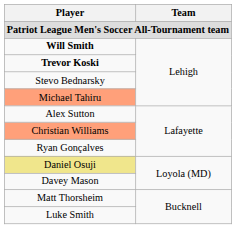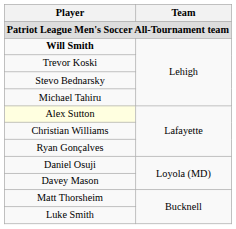 <table class="wikitable" style="white-space:nowrap; font-size:90%; text-align: center;">
 <tr>
 <th>Player</th>
 <th>Team</th>
 </tr>
 <tr>
 <td colspan="2" style="text-align:center; background:#ddd;"><strong>Patriot League Men's Soccer All-Tournament team</strong></td>
 </tr>
 <tr>
 <td><strong>Will Smith</strong></td>
 <td rowspan="4">Lehigh</td>
 </tr>
 <tr>
-<td><strong>Trevor Koski</strong></td>
+<td>Trevor Koski</td>
 </tr>
 <tr>
 <td>Stevo Bednarsky</td>
 </tr>
 <tr>
-<td style="background: lightsalmon;">Michael Tahiru</td>
+<td>Michael Tahiru</td>
 </tr>
 <tr>
-<td>Alex Sutton</td>
+<td style="background: lightyellow;">Alex Sutton</td>
 <td rowspan="3">Lafayette</td>
 </tr>
 <tr>
-<td style="background: lightsalmon;">Christian Williams</td>
+<td>Christian Williams</td>
 </tr>
 <tr>
 <td>Ryan Gonçalves</td>
 </tr>
 <tr>
-<td style="background: khaki;">Daniel Osuji</td>
+<td>Daniel Osuji</td>
 <td rowspan="2">Loyola (MD)</td>
 </tr>
 <tr>
 <td>Davey Mason</td>
 </tr>
 <tr>
 <td>Matt Thorsheim</td>
 <td rowspan="2">Bucknell</td>
 </tr>
 <tr>
 <td>Luke Smith</td>
 </tr>
 </table>
